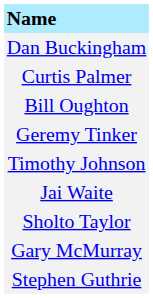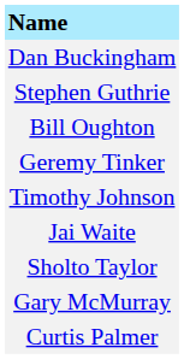 <table border=0 cellpadding=2 cellspacing=0  |- bgcolor=#F2F2F2 style="text-align:center; font-size:90%;">
 <tr bgcolor=#ADEBFD>
 <th align=left>Name</th>
 </tr>
 <tr>
 <td><a href='#'>Dan Buckingham</a></td>
 </tr>
 <tr>
-<td><a href='#'>Curtis Palmer</a></td>
+<td><a href='#'>Stephen Guthrie</a></td>
 </tr>
 <tr>
 <td><a href='#'>Bill Oughton</a></td>
 </tr>
 <tr>
 <td><a href='#'>Geremy Tinker</a></td>
 </tr>
 <tr>
 <td><a href='#'>Timothy Johnson</a></td>
 </tr>
 <tr>
 <td><a href='#'>Jai Waite</a></td>
 </tr>
 <tr>
 <td><a href='#'>Sholto Taylor</a></td>
 </tr>
 <tr>
 <td><a href='#'>Gary McMurray</a></td>
 </tr>
 <tr>
-<td><a href='#'>Stephen Guthrie</a></td>
+<td><a href='#'>Curtis Palmer</a></td>
 </tr>
 </table>
